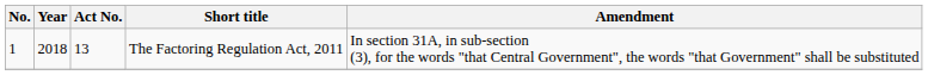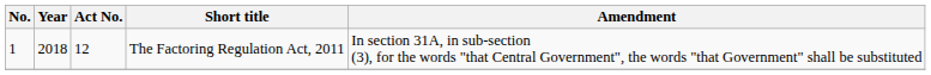 <table class="wikitable">
 <tr>
 <th>No.</th>
 <th>Year</th>
 <th>Act No.</th>
 <th>Short title</th>
 <th>Amendment</th>
 </tr>
 <tr>
 <td>1</td>
 <td>2018</td>
-<td>13</td>
+<td>12</td>
 <td>The Factoring Regulation Act, 2011</td>
 <td>In section 31A, in sub-section<br>(3), for the words "that Central Government", the words "that Government" shall be substituted</td>
 </tr>
 <tr>
 </tr>
 </table>
